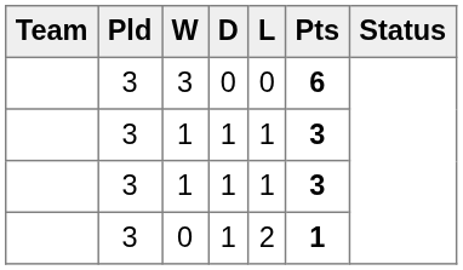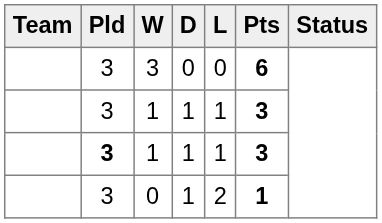 <table style=border-collapse:collapse border=1 cellspacing=0 cellpadding=5>
 <tr align=center bgcolor=#efefef>
 <th>Team</th>
 <th>Pld</th>
 <th>W</th>
 <th>D</th>
 <th>L</th>
 <th>Pts</th>
 <th>Status</th>
 </tr>
 <tr align=center style="background:#FFFFFF;">
 <td style="text-align:left;"> </td>
 <td>3</td>
 <td>3</td>
 <td>0</td>
 <td>0</td>
 <td><strong>6</strong></td>
 <td rowspan=4></td>
 </tr>
 <tr align=center style="background:#FFFFFF;">
 <td style="text-align:left;"> </td>
 <td>3</td>
 <td>1</td>
 <td>1</td>
 <td>1</td>
 <td><strong>3</strong></td>
 </tr>
 <tr align=center style="background:#FFFFFF;">
 <td style="text-align:left;"> </td>
-<td>3</td>
+<td><strong>3</strong></td>
 <td>1</td>
 <td>1</td>
 <td>1</td>
 <td><strong>3</strong></td>
 </tr>
 <tr align=center style="background:#FFFFFF;">
 <td style="text-align:left;"> </td>
 <td>3</td>
 <td>0</td>
 <td>1</td>
 <td>2</td>
 <td><strong>1</strong></td>
 </tr>
 </table>
